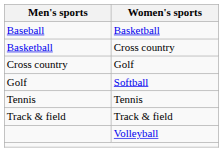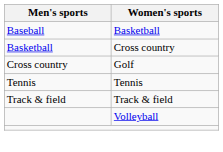 <table class="wikitable" style=" ">
 <tr>
 <th width=150px>Men's sports</th>
 <th width=150px>Women's sports</th>
 </tr>
 <tr>
 <td><a href='#'>Baseball</a></td>
 <td><a href='#'>Basketball</a></td>
 </tr>
 <tr>
 <td><a href='#'>Basketball</a></td>
 <td>Cross country</td>
 </tr>
 <tr>
 <td>Cross country</td>
 <td>Golf</td>
 </tr>
 <tr>
-<td>Golf</td>
-<td><a href='#'>Softball</a></td>
-</tr>
-<tr>
 <td>Tennis</td>
 <td>Tennis</td>
 </tr>
 <tr>
 <td>Track & field</td>
 <td>Track & field</td>
 </tr>
 <tr>
 <td></td>
 <td><a href='#'>Volleyball</a></td>
 </tr>
 <tr>
 <td colspan="2"></td>
 </tr>
 </table>
